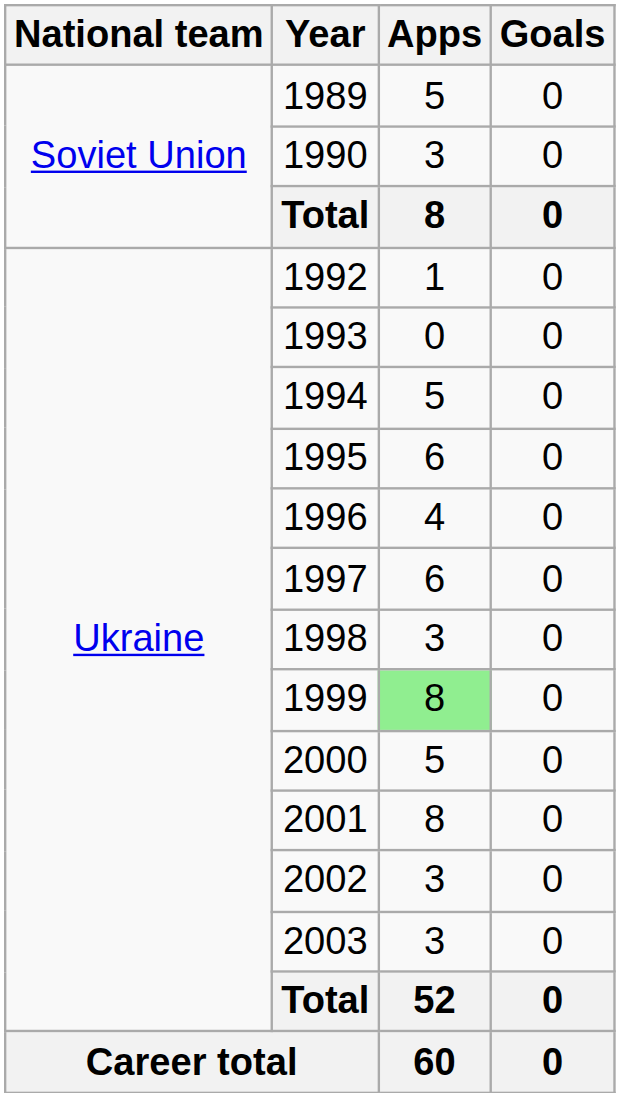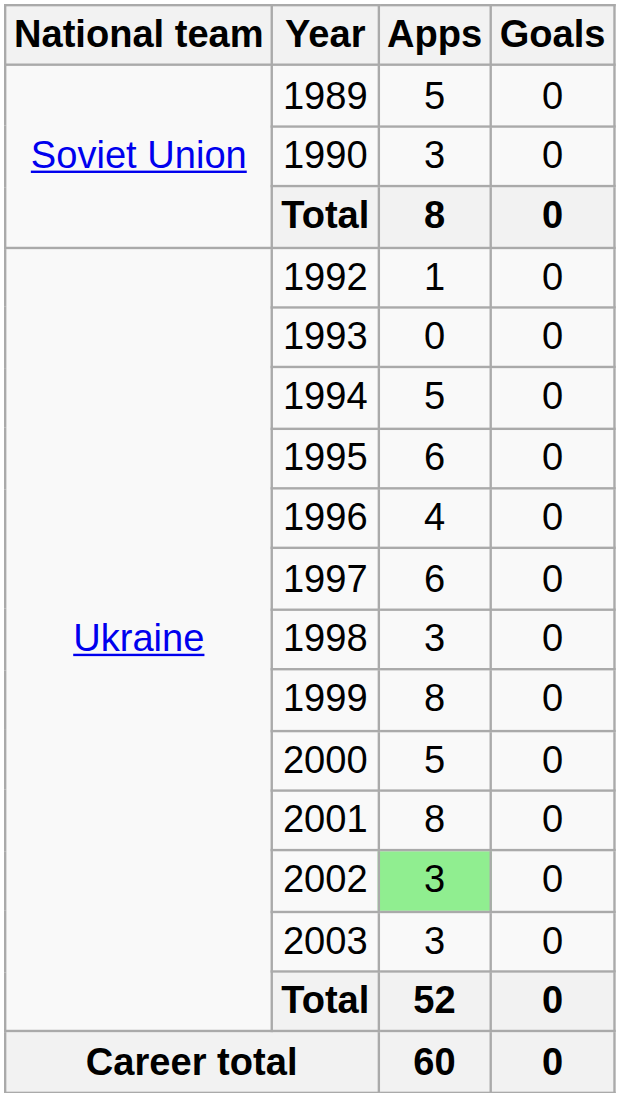 <table class="wikitable" style="text-align:center">
 <tr>
 <th>National team</th>
 <th>Year</th>
 <th>Apps</th>
 <th>Goals</th>
 </tr>
 <tr>
 <td rowspan="3"><a href='#'>Soviet Union</a></td>
 <td>1989</td>
 <td>5</td>
 <td>0</td>
 </tr>
 <tr>
 <td>1990</td>
 <td>3</td>
 <td>0</td>
 </tr>
 <tr>
 <th>Total</th>
 <th>8</th>
 <th>0</th>
 </tr>
 <tr>
 <td rowspan="13"><a href='#'>Ukraine</a></td>
 <td>1992</td>
 <td>1</td>
 <td>0</td>
 </tr>
 <tr>
 <td>1993</td>
 <td>0</td>
 <td>0</td>
 </tr>
 <tr>
 <td>1994</td>
 <td>5</td>
 <td>0</td>
 </tr>
 <tr>
 <td>1995</td>
 <td>6</td>
 <td>0</td>
 </tr>
 <tr>
 <td>1996</td>
 <td>4</td>
 <td>0</td>
 </tr>
 <tr>
 <td>1997</td>
 <td>6</td>
 <td>0</td>
 </tr>
 <tr>
 <td>1998</td>
 <td>3</td>
 <td>0</td>
 </tr>
 <tr>
 <td>1999</td>
-<td style="background: lightgreen;">8</td>
+<td>8</td>
 <td>0</td>
 </tr>
 <tr>
 <td>2000</td>
 <td>5</td>
 <td>0</td>
 </tr>
 <tr>
 <td>2001</td>
 <td>8</td>
 <td>0</td>
 </tr>
 <tr>
 <td>2002</td>
-<td>3</td>
+<td style="background: lightgreen;">3</td>
 <td>0</td>
 </tr>
 <tr>
 <td>2003</td>
 <td>3</td>
 <td>0</td>
 </tr>
 <tr>
 <th>Total</th>
 <th>52</th>
 <th>0</th>
 </tr>
 <tr>
 <th colspan="2">Career total</th>
 <th>60</th>
 <th>0</th>
 </tr>
 </table>
